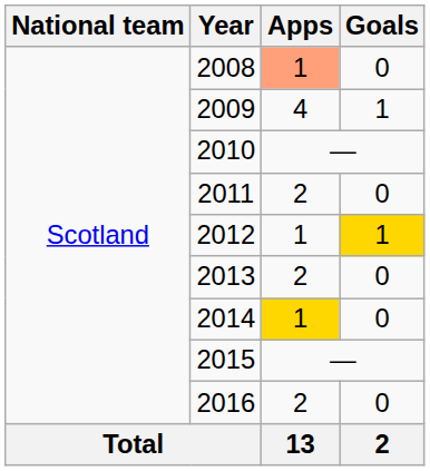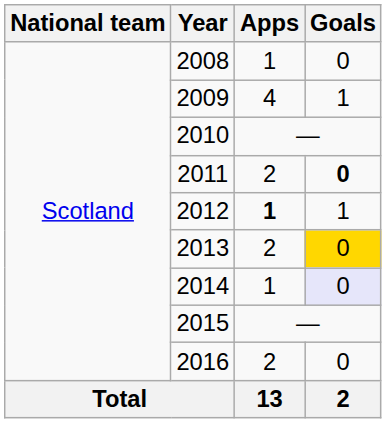 <table class=wikitable style="text-align: center;">
 <tr>
 <th>National team</th>
 <th>Year</th>
 <th>Apps</th>
 <th>Goals</th>
 </tr>
 <tr>
 <td rowspan=9><a href='#'>Scotland</a></td>
 <td>2008</td>
-<td style="background: lightsalmon;">1</td>
+<td>1</td>
 <td>0</td>
 </tr>
 <tr>
 <td>2009</td>
 <td>4</td>
 <td>1</td>
 </tr>
 <tr>
 <td>2010</td>
 <td colspan=2>—</td>
 </tr>
 <tr>
 <td>2011</td>
 <td>2</td>
-<td>0</td>
+<td><strong>0</strong></td>
 </tr>
 <tr>
 <td>2012</td>
+<td><strong>1</strong></td>
 <td>1</td>
-<td style="background: gold;">1</td>
 </tr>
 <tr>
 <td>2013</td>
 <td>2</td>
-<td>0</td>
+<td style="background: gold;">0</td>
 </tr>
 <tr>
 <td>2014</td>
-<td style="background: gold;">1</td>
-<td>0</td>
+<td>1</td>
+<td style="background: lavender;">0</td>
 </tr>
 <tr>
 <td>2015</td>
 <td colspan=2>—</td>
 </tr>
 <tr>
 <td>2016</td>
 <td>2</td>
 <td>0</td>
 </tr>
 <tr>
 <th colspan=2>Total</th>
 <th>13</th>
 <th>2</th>
 </tr>
 </table>
